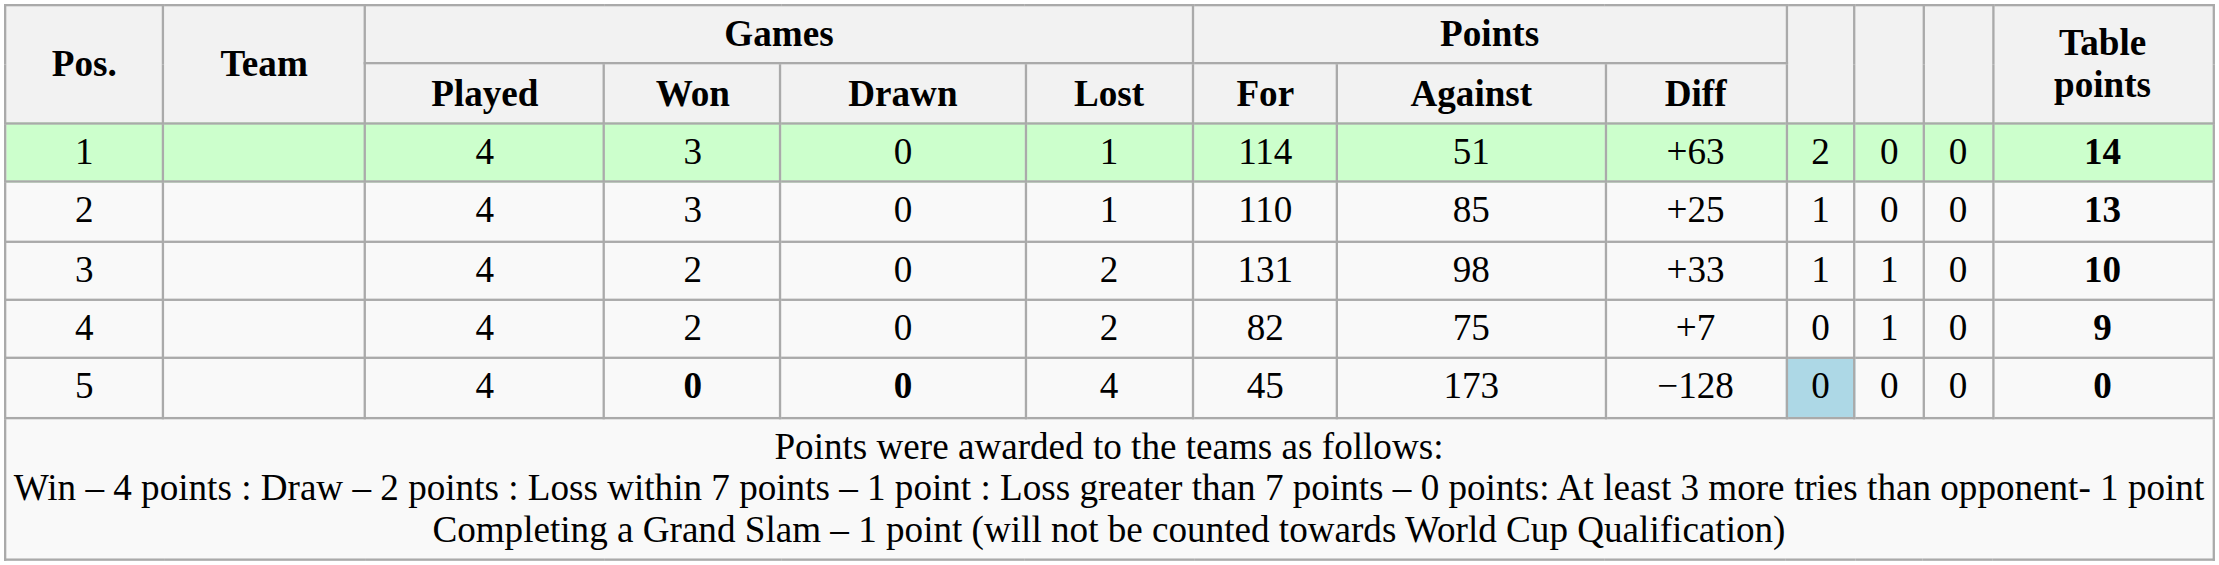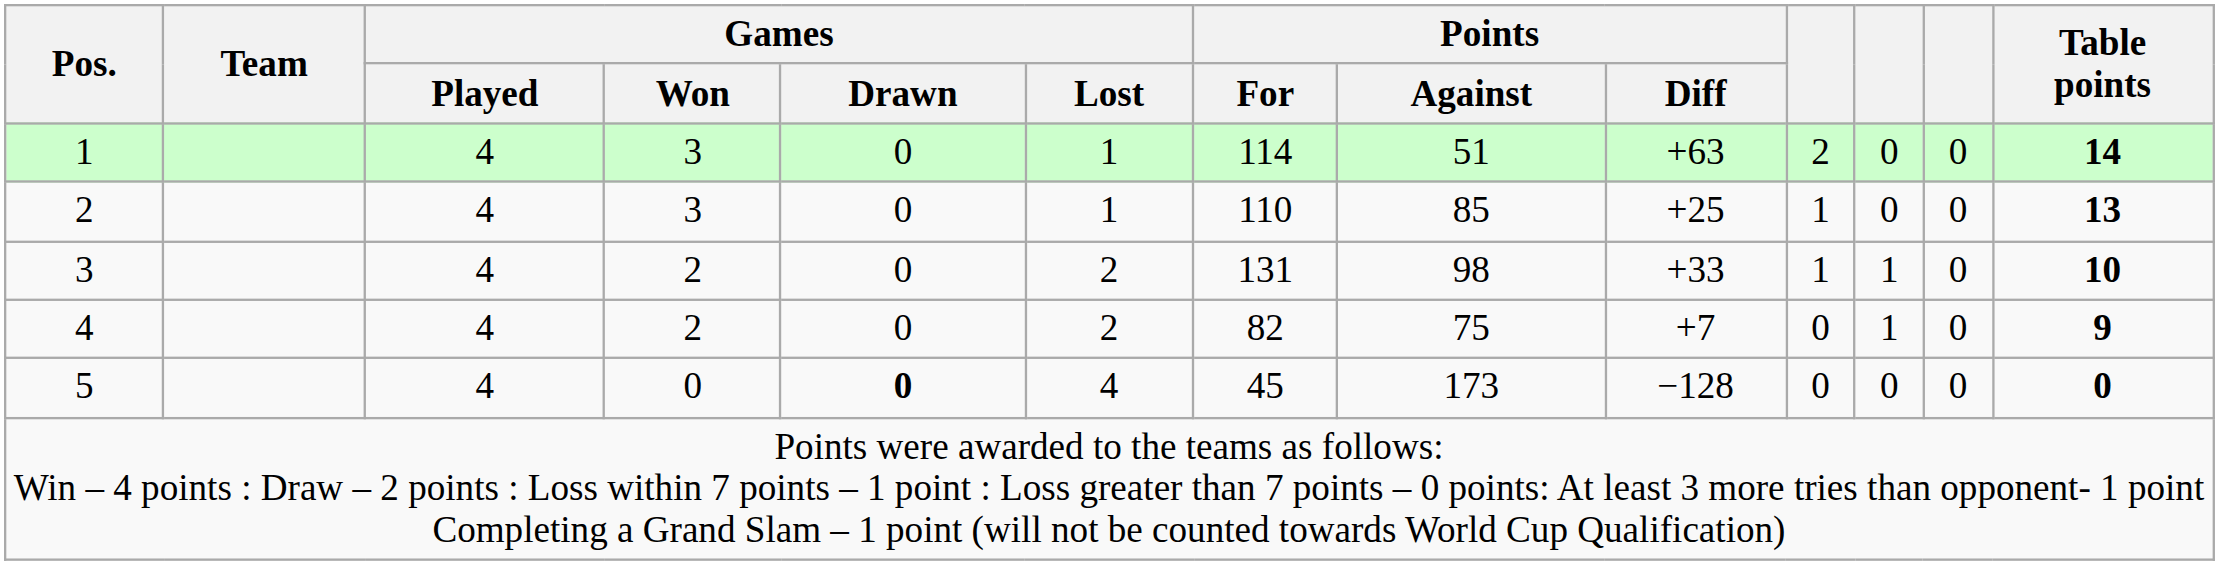 <table class="wikitable" style="text-align:center">
 <tr>
 <th rowspan="2">Pos.</th>
 <th rowspan="2">Team</th>
 <th colspan="4">Games</th>
 <th colspan="3">Points</th>
 <th rowspan="2"></th>
 <th rowspan="2"></th>
 <th rowspan="2"></th>
 <th rowspan="2">Table<br>points</th>
 </tr>
 <tr>
 <th>Played</th>
 <th>Won</th>
 <th>Drawn</th>
 <th>Lost</th>
 <th>For</th>
 <th>Against</th>
 <th>Diff</th>
 </tr>
 <tr style="text-align:center; background:#cfc;">
 <td>1</td>
 <td align=left></td>
 <td>4</td>
 <td>3</td>
 <td>0</td>
 <td>1</td>
 <td>114</td>
 <td>51</td>
 <td>+63</td>
 <td>2</td>
 <td>0</td>
 <td>0</td>
 <td><strong>14</strong></td>
 </tr>
 <tr align=center>
 <td>2</td>
 <td align=left></td>
 <td>4</td>
 <td>3</td>
 <td>0</td>
 <td>1</td>
 <td>110</td>
 <td>85</td>
 <td>+25</td>
 <td>1</td>
 <td>0</td>
 <td>0</td>
 <td><strong>13</strong></td>
 </tr>
 <tr align=center>
 <td>3</td>
 <td align=left></td>
 <td>4</td>
 <td>2</td>
 <td>0</td>
 <td>2</td>
 <td>131</td>
 <td>98</td>
 <td>+33</td>
 <td>1</td>
 <td>1</td>
 <td>0</td>
 <td><strong>10</strong></td>
 </tr>
 <tr align=center>
 <td>4</td>
 <td align=left></td>
 <td>4</td>
 <td>2</td>
 <td>0</td>
 <td>2</td>
 <td>82</td>
 <td>75</td>
 <td>+7</td>
 <td>0</td>
 <td>1</td>
 <td>0</td>
 <td><strong>9</strong></td>
 </tr>
 <tr align=center>
 <td>5</td>
 <td align=left></td>
 <td>4</td>
-<td><strong>0</strong></td>
+<td>0</td>
 <td><strong>0</strong></td>
 <td>4</td>
 <td>45</td>
 <td>173</td>
 <td>−128</td>
-<td style="background: lightblue;">0</td>
+<td>0</td>
 <td>0</td>
 <td>0</td>
 <td><strong>0</strong></td>
 </tr>
 <tr>
 <td style="text-align:center;" colspan="100">Points were awarded to the teams as follows:<br>Win – 4 points : Draw – 2 points  : Loss within 7 points – 1 point : Loss greater than 7 points – 0 points: At least 3 more tries than opponent- 1 point<br>Completing a Grand Slam – 1 point (will not be counted towards World Cup Qualification)</td>
 </tr>
 </table>
